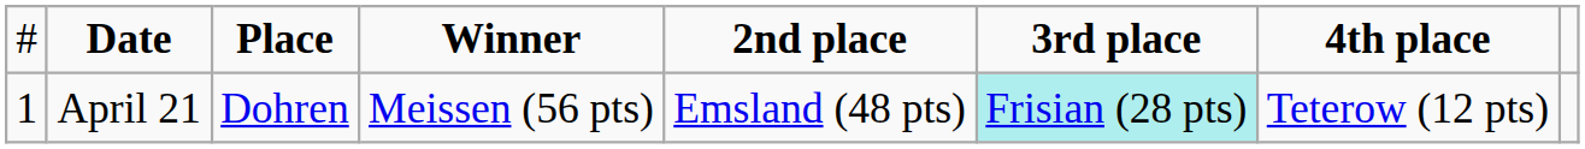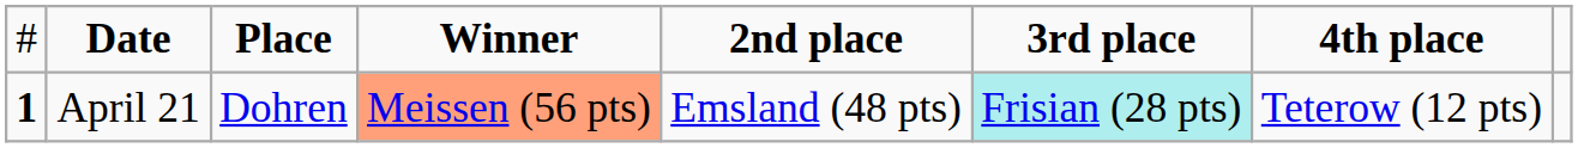 <table class=wikitable>
 <tr>
 <td>#</td>
 <td align="center"><strong>Date</strong></td>
 <td align="center"><strong>Place</strong></td>
 <td align="center"><strong>Winner</strong></td>
 <td align="center"><strong>2nd place</strong></td>
 <td align="center"><strong>3rd place</strong></td>
 <td align="center"><strong>4th place</strong></td>
 <td align="center"></td>
 </tr>
 <tr>
-<td align="center">1</td>
+<td align="center"><strong>1</strong></td>
 <td>April 21</td>
 <td><a href='#'>Dohren</a></td>
-<td><a href='#'>Meissen</a> (56 pts)</td>
+<td style="background: lightsalmon;"><a href='#'>Meissen</a> (56 pts)</td>
 <td><a href='#'>Emsland</a> (48 pts)</td>
 <td style="background: paleturquoise;"><a href='#'>Frisian</a> (28 pts)</td>
 <td><a href='#'>Teterow</a> (12 pts)</td>
 <td></td>
 </tr>
 </table>
